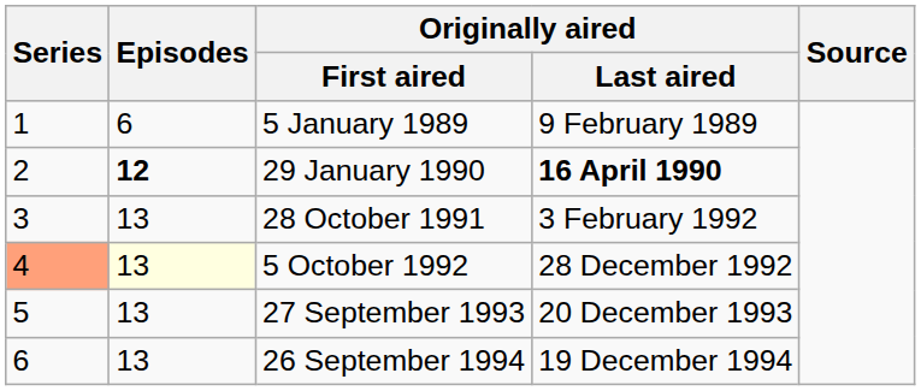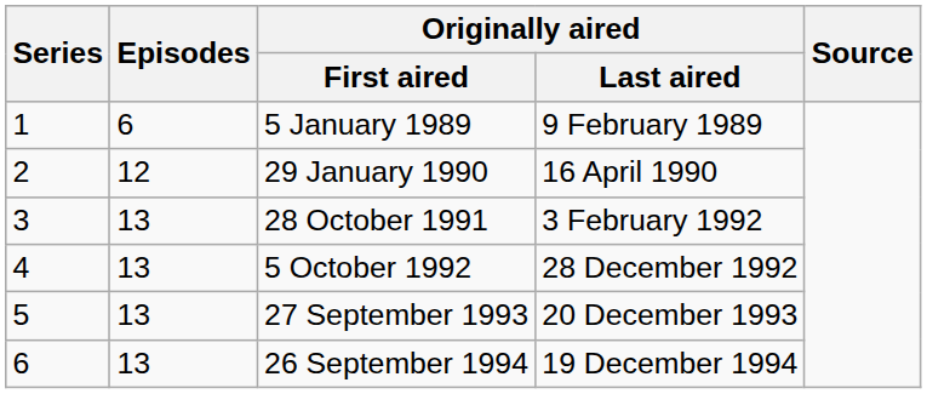 <table class="wikitable">
 <tr>
 <th rowspan="2">Series</th>
 <th rowspan="2">Episodes</th>
 <th colspan="2">Originally aired</th>
 <th rowspan="2">Source</th>
 </tr>
 <tr>
 <th><strong>First aired</strong></th>
 <th><strong>Last aired</strong></th>
 </tr>
 <tr>
 <td>1</td>
 <td>6</td>
 <td>5 January 1989</td>
 <td>9 February 1989</td>
 <td rowspan="6"></td>
 </tr>
 <tr>
 <td>2</td>
-<td><strong>12</strong></td>
+<td>12</td>
 <td>29 January 1990</td>
-<td><strong>16 April 1990</strong></td>
+<td>16 April 1990</td>
 </tr>
 <tr>
 <td>3</td>
 <td>13</td>
 <td>28 October 1991</td>
 <td>3 February 1992</td>
 </tr>
 <tr>
-<td style="background: lightsalmon;">4</td>
-<td style="background: lightyellow;">13</td>
+<td>4</td>
+<td>13</td>
 <td>5 October 1992</td>
 <td>28 December 1992</td>
 </tr>
 <tr>
 <td>5</td>
 <td>13</td>
 <td>27 September 1993</td>
 <td>20 December 1993</td>
 </tr>
 <tr>
 <td>6</td>
 <td>13</td>
 <td>26 September 1994</td>
 <td>19 December 1994</td>
 </tr>
 </table>
